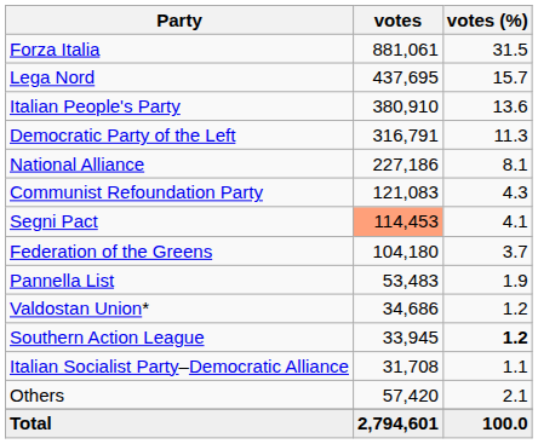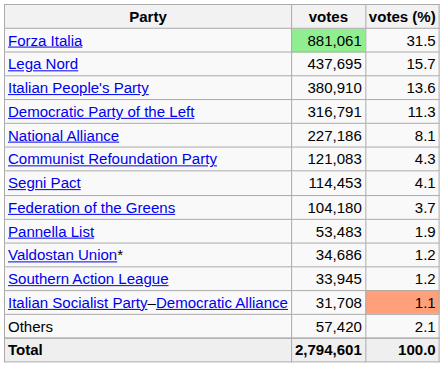 <table class="wikitable" style="font-size:95%">
 <tr bgcolor="EFEFEF">
 <th>Party</th>
 <th>votes</th>
 <th>votes (%)</th>
 </tr>
 <tr>
 <td><a href='#'>Forza Italia</a></td>
-<td align=right>881,061</td>
+<td align=right style="background: lightgreen;">881,061</td>
 <td align=right>31.5</td>
 </tr>
 <tr>
 <td><a href='#'>Lega Nord</a></td>
 <td align=right>437,695</td>
 <td align=right>15.7</td>
 </tr>
 <tr>
 <td><a href='#'>Italian People's Party</a></td>
 <td align=right>380,910</td>
 <td align=right>13.6</td>
 </tr>
 <tr>
 <td><a href='#'>Democratic Party of the Left</a></td>
 <td align=right>316,791</td>
 <td align=right>11.3</td>
 </tr>
 <tr>
 <td><a href='#'>National Alliance</a></td>
 <td align=right>227,186</td>
 <td align=right>8.1</td>
 </tr>
 <tr>
 <td><a href='#'>Communist Refoundation Party</a></td>
 <td align=right>121,083</td>
 <td align=right>4.3</td>
 </tr>
 <tr>
 <td><a href='#'>Segni Pact</a></td>
-<td align=right style="background: lightsalmon;">114,453</td>
+<td align=right>114,453</td>
 <td align=right>4.1</td>
 </tr>
 <tr>
 <td><a href='#'>Federation of the Greens</a></td>
 <td align=right>104,180</td>
 <td align=right>3.7</td>
 </tr>
 <tr>
 <td><a href='#'>Pannella List</a></td>
 <td align=right>53,483</td>
 <td align=right>1.9</td>
 </tr>
 <tr>
 <td><a href='#'>Valdostan Union</a>*</td>
 <td align=right>34,686</td>
 <td align=right>1.2</td>
 </tr>
 <tr>
 <td><a href='#'>Southern Action League</a></td>
 <td align=right>33,945</td>
-<td align=right><strong>1.2</strong></td>
+<td align=right>1.2</td>
 </tr>
 <tr>
 <td><a href='#'>Italian Socialist Party</a>–<a href='#'>Democratic Alliance</a></td>
 <td align=right>31,708</td>
-<td align=right>1.1</td>
+<td align=right style="background: lightsalmon;">1.1</td>
 </tr>
 <tr>
 <td>Others</td>
 <td align=right>57,420</td>
 <td align=right>2.1</td>
 </tr>
 <tr>
 </tr>
 <tr bgcolor="EFEFEF">
 <td><strong>Total</strong></td>
 <td align=right><strong>2,794,601</strong></td>
 <td align=right><strong>100.0</strong></td>
 </tr>
 </table>
